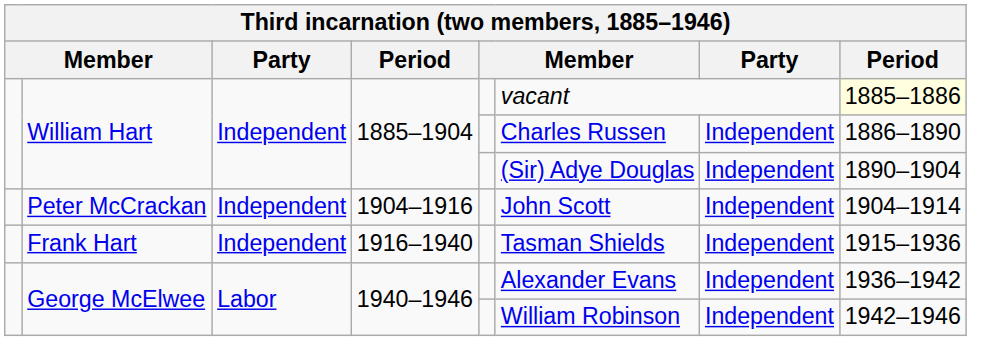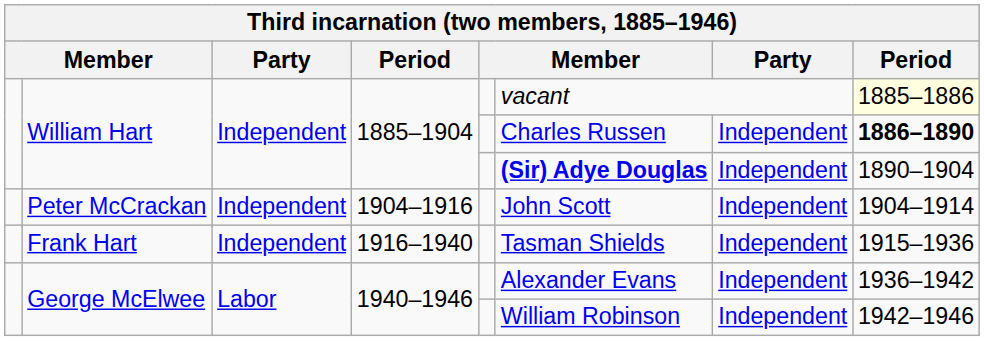 <table class="wikitable">
 <tr>
 <th colspan="8">Third incarnation (two members, 1885–1946)</th>
 </tr>
 <tr>
 <th colspan="2">Member</th>
 <th>Party</th>
 <th>Period</th>
 <th colspan="2">Member</th>
 <th>Party</th>
 <th>Period</th>
 </tr>
 <tr>
 <td rowspan="3" > </td>
 <td rowspan="3"><a href='#'>William Hart</a></td>
 <td rowspan="3"><a href='#'>Independent</a></td>
 <td rowspan="3">1885–1904</td>
 <td> </td>
 <td colspan="2"><em>vacant</em></td>
 <td style="background: lightyellow;">1885–1886</td>
 </tr>
 <tr>
 <td> </td>
 <td><a href='#'>Charles Russen</a></td>
 <td><a href='#'>Independent</a></td>
-<td>1886–1890</td>
+<td><strong>1886–1890</strong></td>
 </tr>
 <tr>
 <td> </td>
-<td><a href='#'>(Sir) Adye Douglas</a></td>
+<td><strong><a href='#'>(Sir) Adye Douglas</a></strong></td>
 <td><a href='#'>Independent</a></td>
 <td>1890–1904</td>
 </tr>
 <tr>
 <td rowspan="2" > </td>
 <td rowspan="2"><a href='#'>Peter McCrackan</a></td>
 <td rowspan="2"><a href='#'>Independent</a></td>
 <td rowspan="2">1904–1916</td>
 <td> </td>
 <td><a href='#'>John Scott</a></td>
 <td><a href='#'>Independent</a></td>
 <td>1904–1914</td>
 </tr>
 <tr>
 <td rowspan="2" > </td>
 <td rowspan="2"><a href='#'>Tasman Shields</a></td>
 <td rowspan="2"><a href='#'>Independent</a></td>
 <td rowspan="2">1915–1936</td>
 </tr>
 <tr>
 <td rowspan="2" > </td>
 <td rowspan="2"><a href='#'>Frank Hart</a></td>
 <td rowspan="2"><a href='#'>Independent</a></td>
 <td rowspan="2">1916–1940</td>
 </tr>
 <tr>
 <td rowspan="2" > </td>
 <td rowspan="2"><a href='#'>Alexander Evans</a></td>
 <td rowspan="2"><a href='#'>Independent</a></td>
 <td rowspan="2">1936–1942</td>
 </tr>
 <tr>
 <td rowspan="2" > </td>
 <td rowspan="2"><a href='#'>George McElwee</a></td>
 <td rowspan="2"><a href='#'>Labor</a></td>
 <td rowspan="2">1940–1946</td>
 </tr>
 <tr>
 <td> </td>
 <td><a href='#'>William Robinson</a></td>
 <td><a href='#'>Independent</a></td>
 <td>1942–1946</td>
 </tr>
 </table>
